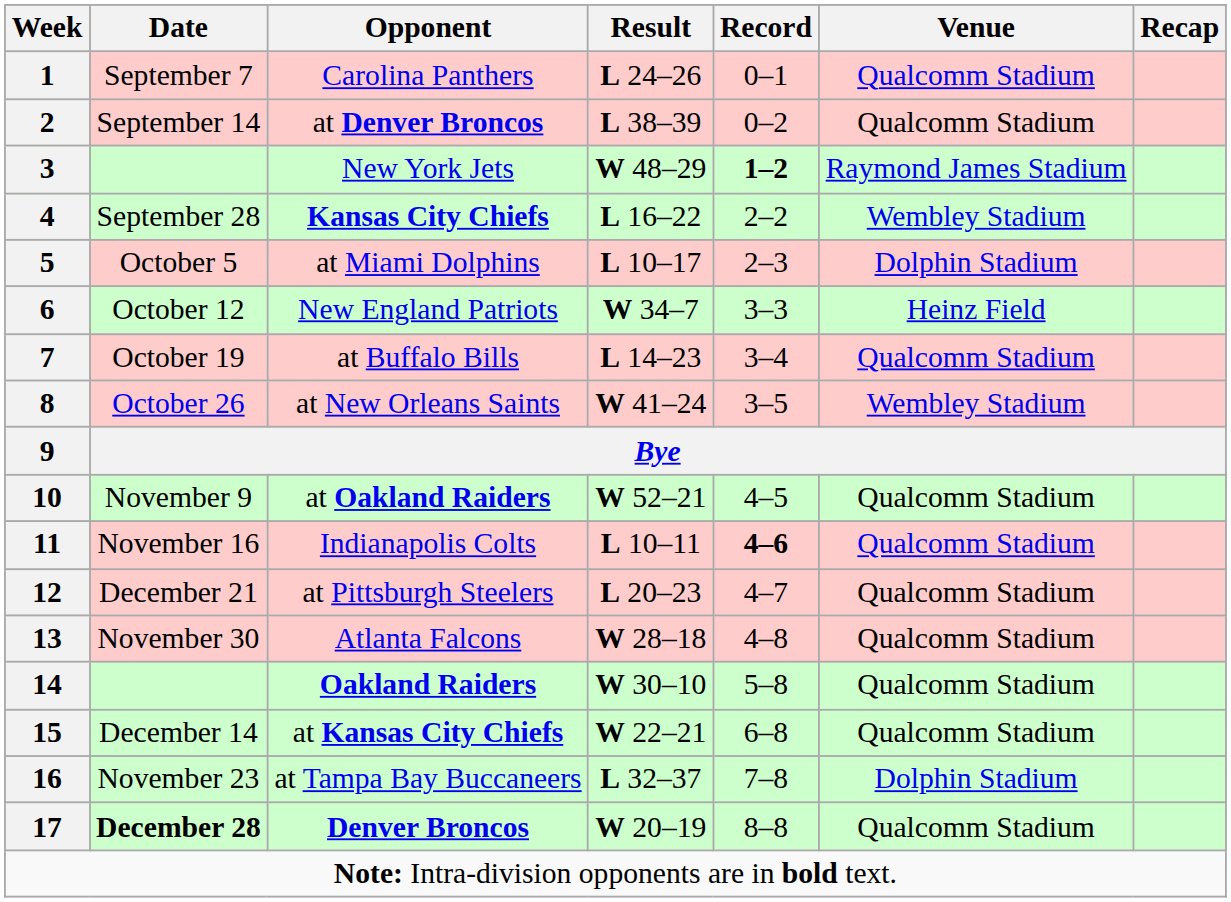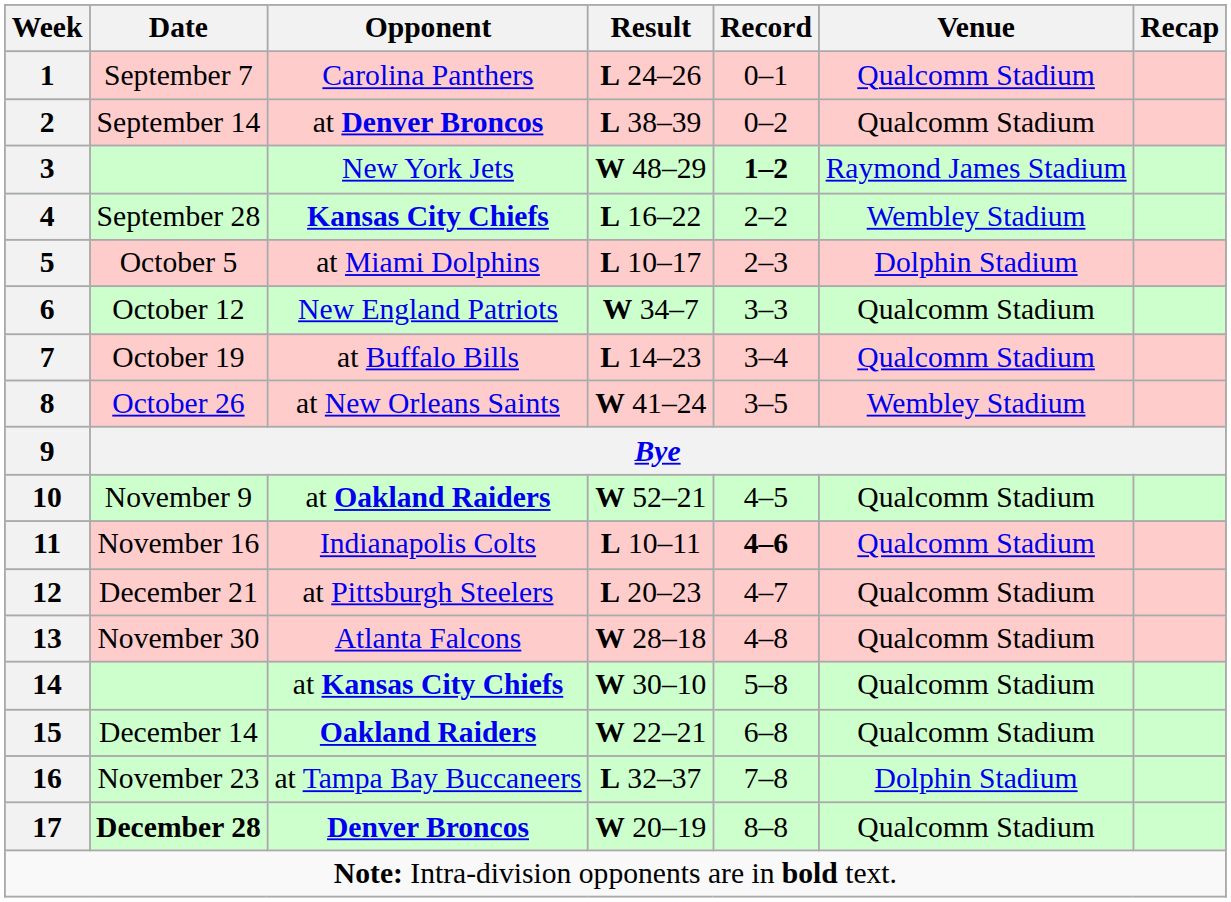 <table class="wikitable" style="text-align:center">
 <tr>
 <th>Week</th>
 <th>Date</th>
 <th>Opponent</th>
 <th>Result</th>
 <th>Record</th>
 <th>Venue</th>
 <th>Recap</th>
 </tr>
 <tr style="background:#fcc">
 <th>1</th>
 <td>September 7</td>
 <td><a href='#'>Carolina Panthers</a></td>
 <td><strong>L</strong> 24–26</td>
 <td>0–1</td>
 <td><a href='#'>Qualcomm Stadium</a></td>
 <td></td>
 </tr>
 <tr style="background:#fcc">
 <th>2</th>
 <td>September 14</td>
 <td>at <strong><a href='#'>Denver Broncos</a></strong></td>
 <td><strong>L</strong> 38–39</td>
 <td>0–2</td>
 <td>Qualcomm Stadium</td>
 <td></td>
 </tr>
 <tr style="background:#cfc">
 <th>3</th>
 <td></td>
 <td><a href='#'>New York Jets</a></td>
 <td><strong>W</strong> 48–29</td>
 <td><strong>1–2</strong></td>
 <td><a href='#'>Raymond James Stadium</a></td>
 <td></td>
 </tr>
 <tr style="background:#cfc">
 <th>4</th>
 <td>September 28</td>
 <td><strong><a href='#'>Kansas City Chiefs</a></strong></td>
 <td><strong>L</strong> 16–22</td>
 <td>2–2</td>
 <td><a href='#'>Wembley Stadium</a></td>
 <td></td>
 </tr>
 <tr style="background:#fcc">
 <th>5</th>
 <td>October 5</td>
 <td>at <a href='#'>Miami Dolphins</a></td>
 <td><strong>L</strong> 10–17</td>
 <td>2–3</td>
 <td><a href='#'>Dolphin Stadium</a></td>
 <td></td>
 </tr>
 <tr style="background:#cfc">
 <th>6</th>
 <td>October 12</td>
 <td><a href='#'>New England Patriots</a></td>
 <td><strong>W</strong> 34–7</td>
 <td>3–3</td>
-<td><a href='#'>Heinz Field</a></td>
+<td>Qualcomm Stadium</td>
 <td></td>
 </tr>
 <tr style="background:#fcc">
 <th>7</th>
 <td>October 19</td>
 <td>at <a href='#'>Buffalo Bills</a></td>
 <td><strong>L</strong> 14–23</td>
 <td>3–4</td>
 <td><a href='#'>Qualcomm Stadium</a></td>
 <td></td>
 </tr>
 <tr style="background:#fcc">
 <th>8</th>
 <td><a href='#'>October 26</a></td>
 <td>at <a href='#'>New Orleans Saints</a></td>
 <td><strong>W</strong> 41–24</td>
 <td>3–5</td>
 <td><a href='#'>Wembley Stadium</a></td>
 <td></td>
 </tr>
 <tr>
 <th>9</th>
 <th colspan="6"><em><a href='#'>Bye</a></em></th>
 </tr>
 <tr style="background:#cfc">
 <th>10</th>
 <td>November 9</td>
 <td>at <strong><a href='#'>Oakland Raiders</a></strong></td>
 <td><strong>W</strong> 52–21</td>
 <td>4–5</td>
 <td>Qualcomm Stadium</td>
 <td></td>
 </tr>
 <tr style="background:#fcc">
 <th>11</th>
 <td>November 16</td>
 <td><a href='#'>Indianapolis Colts</a></td>
 <td><strong>L</strong> 10–11</td>
 <td><strong>4–6</strong></td>
 <td><a href='#'>Qualcomm Stadium</a></td>
 <td></td>
 </tr>
 <tr style="background:#fcc">
 <th>12</th>
 <td>December 21</td>
 <td>at <a href='#'>Pittsburgh Steelers</a></td>
 <td><strong>L</strong> 20–23</td>
 <td>4–7</td>
 <td>Qualcomm Stadium</td>
 <td></td>
 </tr>
 <tr style="background:#fcc">
 <th>13</th>
 <td>November 30</td>
 <td><a href='#'>Atlanta Falcons</a></td>
 <td><strong>W</strong> 28–18</td>
 <td>4–8</td>
 <td>Qualcomm Stadium</td>
 <td></td>
 </tr>
 <tr style="background:#cfc">
 <th>14</th>
 <td></td>
-<td><strong><a href='#'>Oakland Raiders</a></strong></td>
+<td>at <strong><a href='#'>Kansas City Chiefs</a></strong></td>
 <td><strong>W</strong> 30–10</td>
 <td>5–8</td>
 <td>Qualcomm Stadium</td>
 <td></td>
 </tr>
 <tr style="background:#cfc">
 <th>15</th>
 <td>December 14</td>
-<td>at <strong><a href='#'>Kansas City Chiefs</a></strong></td>
+<td><strong><a href='#'>Oakland Raiders</a></strong></td>
 <td><strong>W</strong> 22–21</td>
 <td>6–8</td>
 <td>Qualcomm Stadium</td>
 <td></td>
 </tr>
 <tr style="background:#cfc">
 <th>16</th>
 <td>November 23</td>
 <td>at <a href='#'>Tampa Bay Buccaneers</a></td>
 <td><strong>L</strong> 32–37</td>
 <td>7–8</td>
 <td><a href='#'>Dolphin Stadium</a></td>
 <td></td>
 </tr>
 <tr style="background:#cfc">
 <th>17</th>
 <td><strong>December 28</strong></td>
 <td><strong><a href='#'>Denver Broncos</a></strong></td>
 <td><strong>W</strong> 20–19</td>
 <td>8–8</td>
 <td>Qualcomm Stadium</td>
 <td></td>
 </tr>
 <tr>
 <td colspan="7"><strong>Note:</strong> Intra-division opponents are in <strong>bold</strong> text.</td>
 </tr>
 </table>
